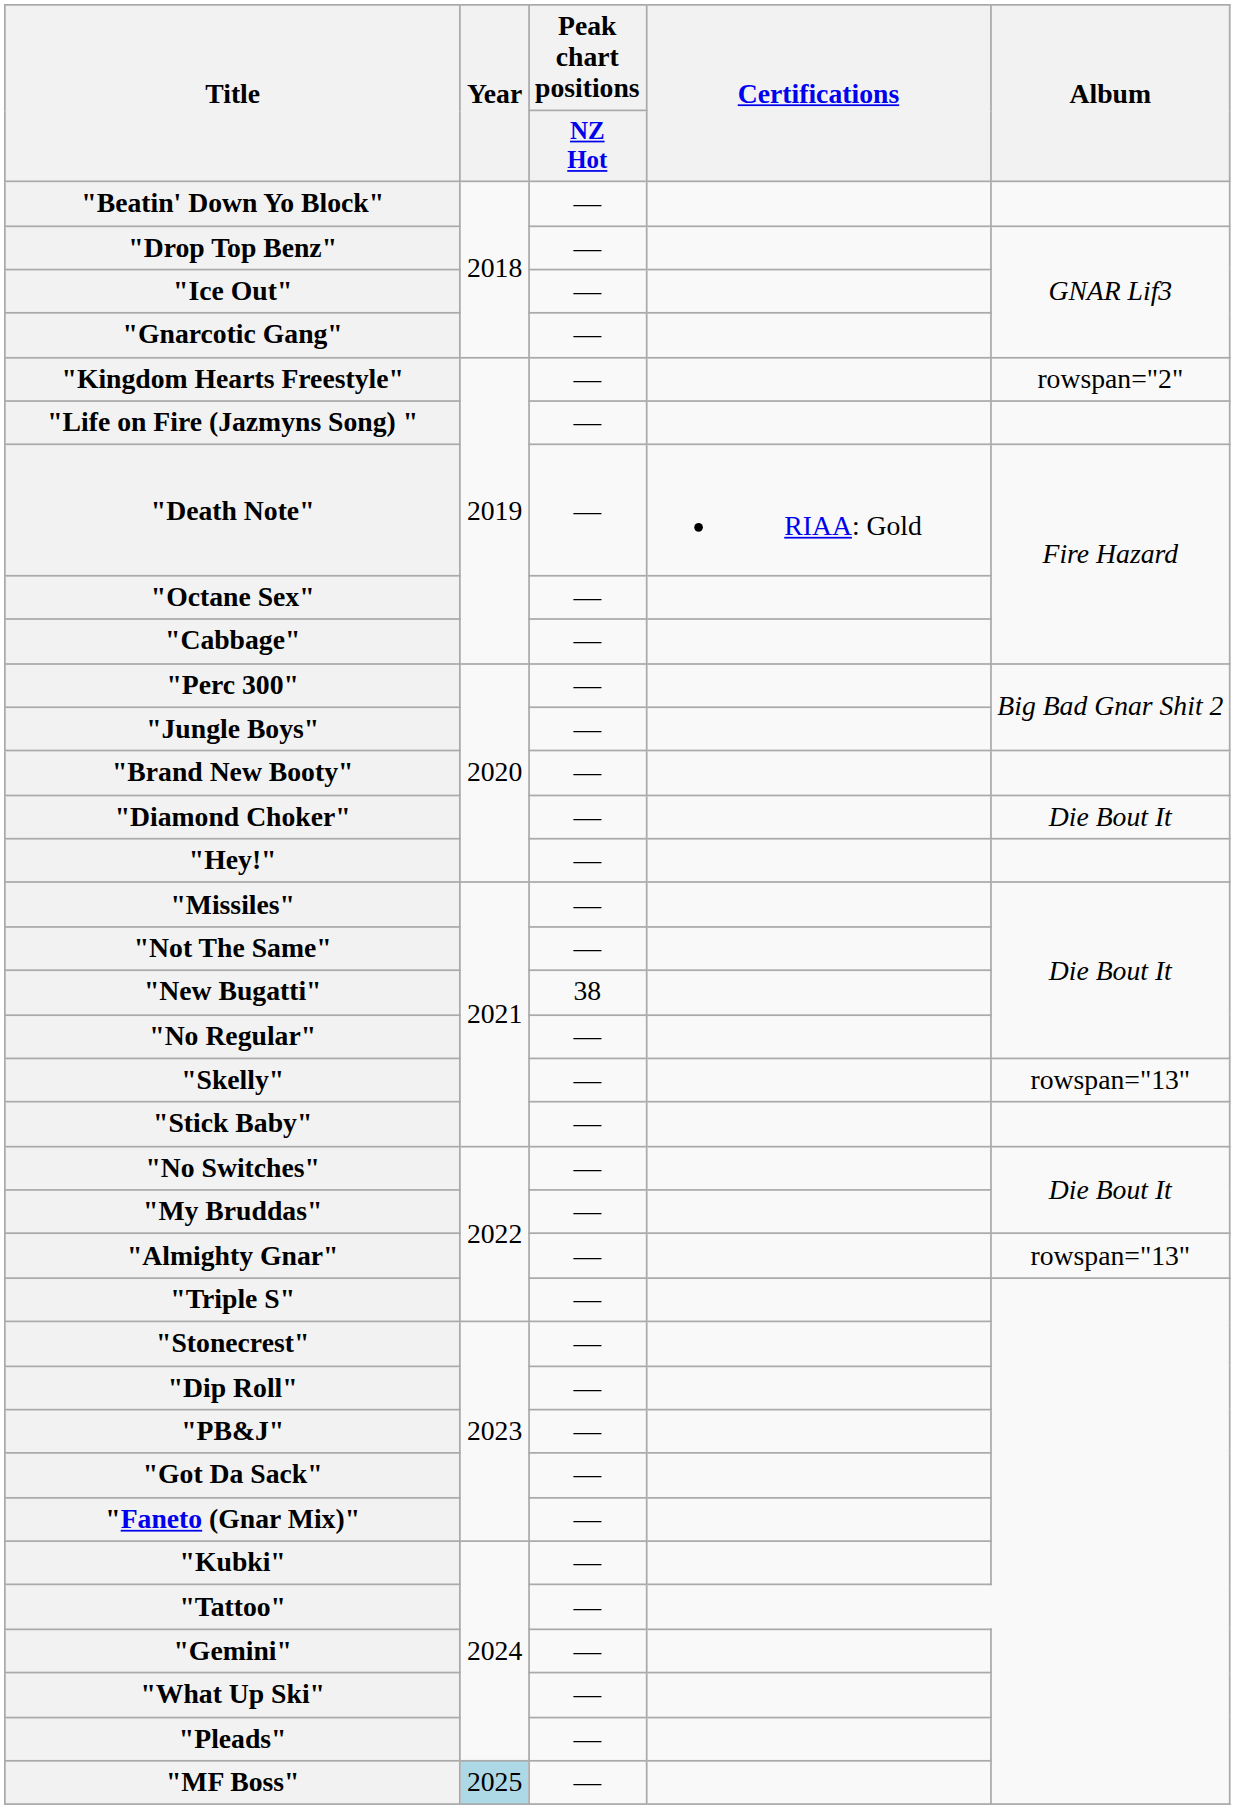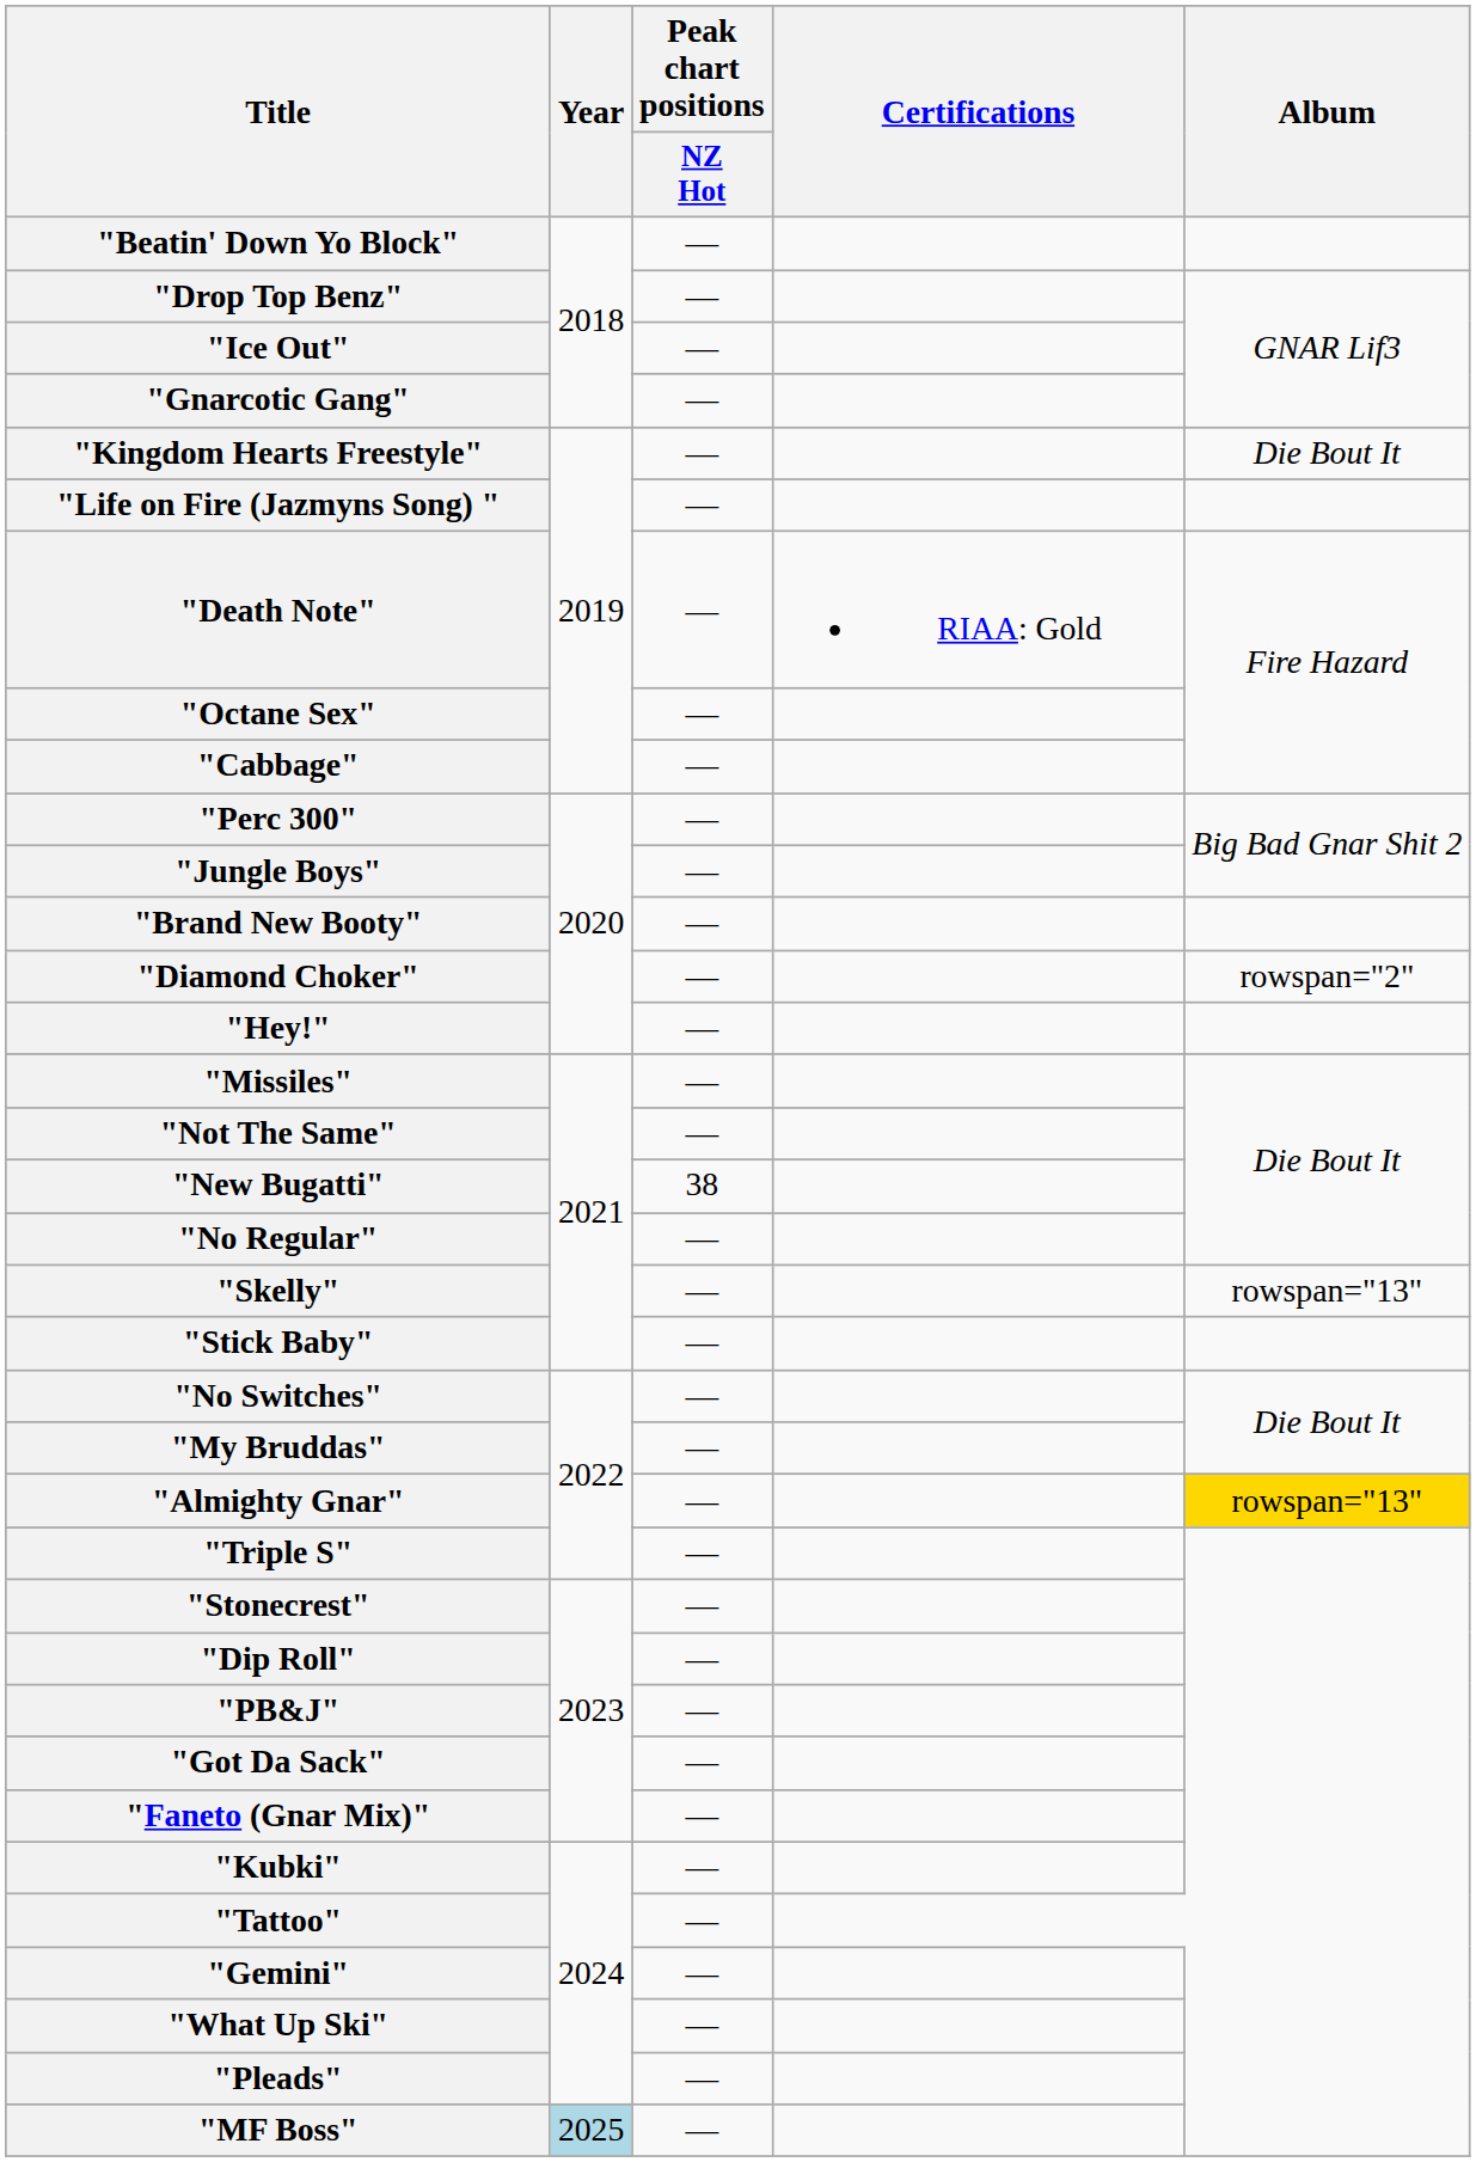 <table class="wikitable plainrowheaders" style="text-align:center;">
 <tr>
 <th scope="col" rowspan="2" style="width:16em;">Title</th>
 <th scope="col" rowspan="2">Year</th>
 <th colspan="1">Peak chart positions</th>
 <th scope="col" rowspan="2" style="width:12em;"><a href='#'>Certifications</a></th>
 <th scope="col" rowspan="2">Album</th>
 </tr>
 <tr>
 <th scope="col" style="width:3em;font-size:90%;"><a href='#'>NZ<br>Hot</a><br></th>
 </tr>
 <tr>
 <th scope="row">"Beatin' Down Yo Block"<br></th>
 <td rowspan="4">2018</td>
 <td>—</td>
 <td></td>
 <td></td>
 </tr>
 <tr>
 <th scope="row">"Drop Top Benz"<br></th>
 <td>—</td>
 <td></td>
 <td rowspan="3"><em>GNAR Lif3</em></td>
 </tr>
 <tr>
 <th scope="row">"Ice Out"</th>
 <td>—</td>
 <td></td>
 </tr>
 <tr>
 <th scope="row">"Gnarcotic Gang"</th>
 <td>—</td>
 <td></td>
 </tr>
 <tr>
 <th scope="row">"Kingdom Hearts Freestyle"</th>
 <td rowspan="5">2019</td>
 <td>—</td>
 <td></td>
-<td>rowspan="2" </td>
+<td><em>Die Bout It</em></td>
 </tr>
 <tr>
 <th scope="row">"Life on Fire (Jazmyns Song) "</th>
 <td>—</td>
 <td></td>
 </tr>
 <tr>
 <th scope="row">"Death Note"<br></th>
 <td>—</td>
 <td><br><ul><li><a href='#'>RIAA</a>: Gold</li></ul></td>
 <td rowspan="3"><em>Fire Hazard</em></td>
 </tr>
 <tr>
 <th scope="row">"Octane Sex"</th>
 <td>—</td>
 <td></td>
 </tr>
 <tr>
 <th scope="row">"Cabbage"</th>
 <td>—</td>
 <td></td>
 </tr>
 <tr>
 <th scope="row">"Perc 300"<br></th>
 <td rowspan="5">2020</td>
 <td>—</td>
 <td></td>
 <td rowspan="2"><em>Big Bad Gnar Shit 2</em></td>
 </tr>
 <tr>
 <th scope="row">"Jungle Boys"<br></th>
 <td>—</td>
 <td></td>
 </tr>
 <tr>
 <th scope="row">"Brand New Booty"</th>
 <td>—</td>
 <td></td>
 <td></td>
 </tr>
 <tr>
 <th scope="row">"Diamond Choker"<br></th>
 <td>—</td>
 <td></td>
-<td><em>Die Bout It</em></td>
+<td>rowspan="2" </td>
 </tr>
 <tr>
 <th scope="row">"Hey!"<br></th>
 <td>—</td>
 <td></td>
 <td></td>
 </tr>
 <tr>
 <th scope="row">"Missiles"<br></th>
 <td rowspan="6">2021</td>
 <td>—</td>
 <td></td>
 <td rowspan="4"><em>Die Bout It</em></td>
 </tr>
 <tr>
 <th scope="row">"Not The Same"<br></th>
 <td>—</td>
 <td></td>
 </tr>
 <tr>
 <th scope="row">"New Bugatti"<br></th>
 <td>38</td>
 <td></td>
 </tr>
 <tr>
 <th scope="row">"No Regular"</th>
 <td>—</td>
 <td></td>
 </tr>
 <tr>
 <th scope="row">"Skelly"</th>
 <td>—</td>
 <td></td>
 <td>rowspan="13" </td>
 </tr>
 <tr>
 <th scope="row">"Stick Baby"</th>
 <td>—</td>
 <td></td>
 </tr>
 <tr>
 <th scope="row">"No Switches"<br></th>
 <td rowspan="4">2022</td>
 <td>—</td>
 <td></td>
 <td rowspan="2"><em>Die Bout It</em></td>
 </tr>
 <tr>
 <th scope="row">"My Bruddas"<br></th>
 <td>—</td>
 <td></td>
 </tr>
 <tr>
 <th scope="row">"Almighty Gnar"<br></th>
 <td>—</td>
 <td></td>
-<td>rowspan="13" </td>
+<td style="background: gold;">rowspan="13" </td>
 </tr>
 <tr>
 <th scope="row">"Triple S"</th>
 <td>—</td>
 <td></td>
 </tr>
 <tr>
 <th scope="row">"Stonecrest"</th>
 <td rowspan="5">2023</td>
 <td>—</td>
 <td></td>
 </tr>
 <tr>
 <th scope="row">"Dip Roll"</th>
 <td>—</td>
 <td></td>
 </tr>
 <tr>
 <th scope="row">"PB&J"<br></th>
 <td>—</td>
 <td></td>
 </tr>
 <tr>
 <th scope="row">"Got Da Sack"<br></th>
 <td>—</td>
 <td></td>
 </tr>
 <tr>
 <th scope="row">"<a href='#'>Faneto</a> (Gnar Mix)"</th>
 <td>—</td>
 <td></td>
 </tr>
 <tr>
 <th scope="row">"Kubki"<br></th>
 <td rowspan="5">2024</td>
 <td>—</td>
 <td></td>
 </tr>
 <tr>
 <th scope="row">"Tattoo"</th>
 <td>—</td>
 </tr>
 <tr>
 <th scope="row">"Gemini"</th>
 <td>—</td>
 <td></td>
 </tr>
 <tr>
 <th scope="row">"What Up Ski"</th>
 <td>—</td>
 <td></td>
 </tr>
 <tr>
 <th scope="row">"Pleads"<br></th>
 <td>—</td>
 <td></td>
 </tr>
 <tr>
 <th scope="row">"MF Boss"<br></th>
 <td style="background: lightblue;">2025</td>
 <td>—</td>
 <td></td>
 </tr>
 </table>
